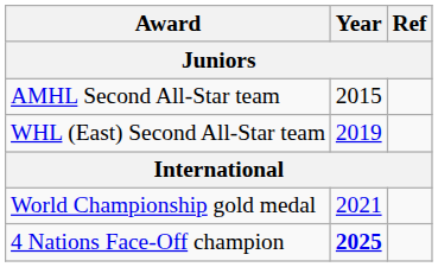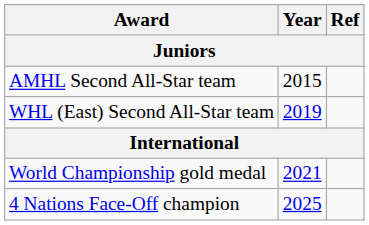 <table class="wikitable">
 <tr>
 <th>Award</th>
 <th>Year</th>
 <th>Ref</th>
 </tr>
 <tr>
 <th colspan="3">Juniors</th>
 </tr>
 <tr>
 <td><a href='#'>AMHL</a> Second All-Star team</td>
 <td>2015</td>
 <td></td>
 </tr>
 <tr>
 <td><a href='#'>WHL</a> (East) Second All-Star team</td>
 <td><a href='#'>2019</a></td>
 <td></td>
 </tr>
 <tr>
 <th colspan="3">International</th>
 </tr>
 <tr>
 <td><a href='#'>World Championship</a> gold medal</td>
 <td><a href='#'>2021</a></td>
 <td></td>
 </tr>
 <tr>
 <td><a href='#'>4 Nations Face-Off</a> champion</td>
-<td><strong><a href='#'>2025</a></strong></td>
+<td><a href='#'>2025</a></td>
 <td></td>
 </tr>
 </table>
